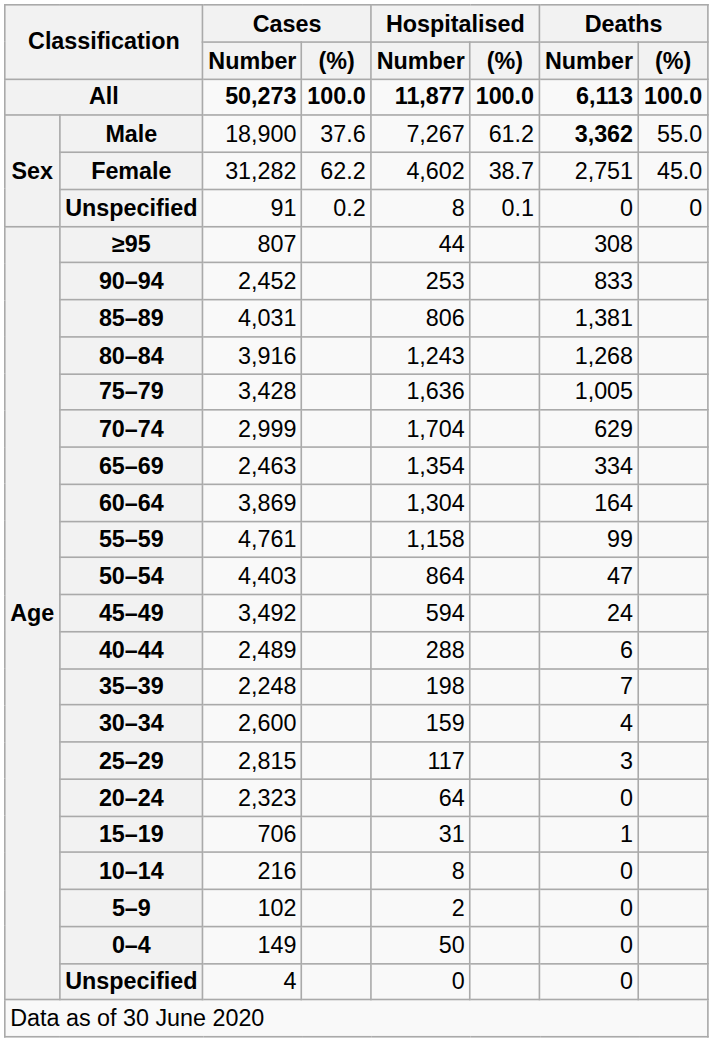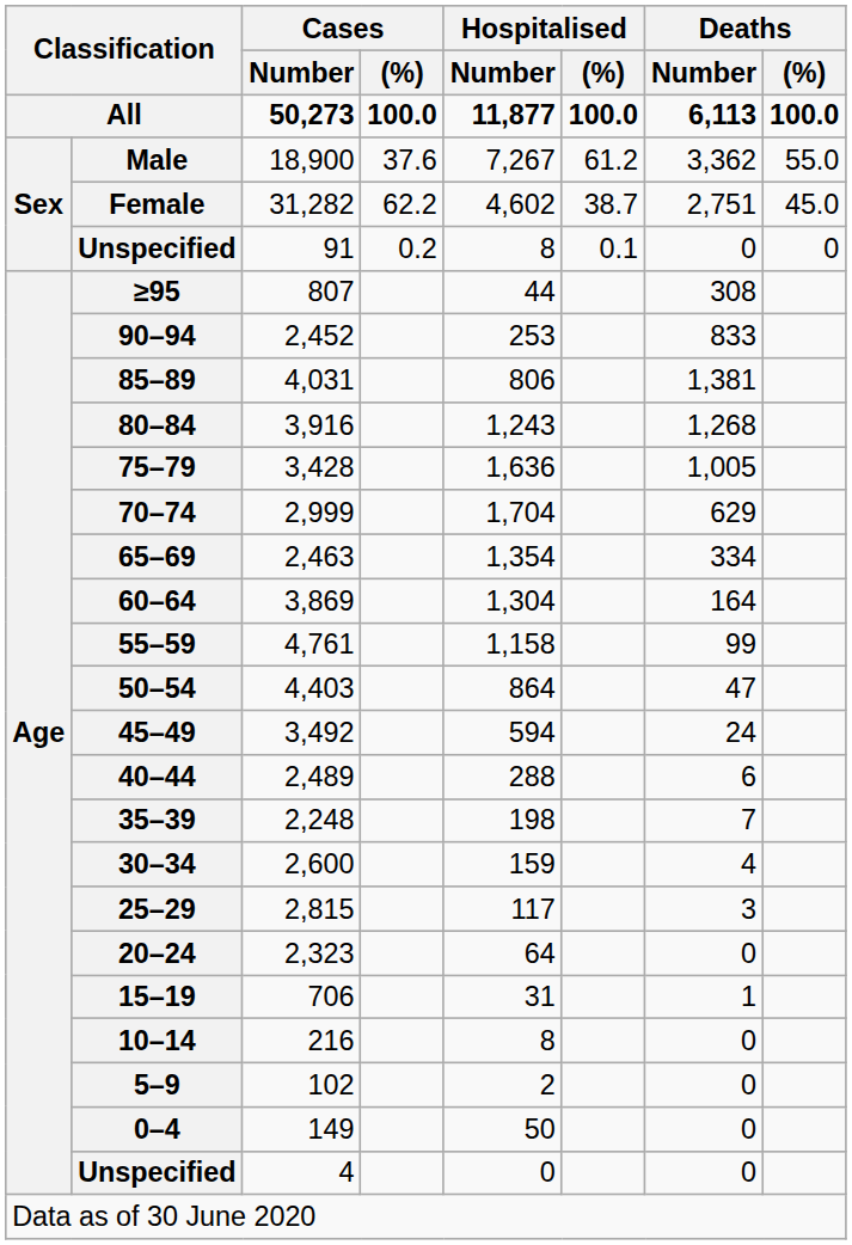 <table class="wikitable" style="text-align:right; font-size:90%">
 <tr>
 <th rowspan="2" colspan="2">Classification</th>
 <th colspan="2">Cases</th>
 <th colspan="2">Hospitalised</th>
 <th colspan="2">Deaths</th>
 </tr>
 <tr>
 <th>Number</th>
 <th>(%)</th>
 <th>Number</th>
 <th>(%)</th>
 <th>Number</th>
 <th>(%)</th>
 </tr>
 <tr>
 <th colspan="2">All</th>
 <td><strong>50,273</strong></td>
 <td><strong>100.0</strong></td>
 <td><strong>11,877</strong></td>
 <td><strong>100.0</strong></td>
 <td><strong>6,113</strong></td>
 <td><strong>100.0</strong></td>
 </tr>
 <tr>
 <th rowspan="3">Sex</th>
 <th>Male</th>
 <td>18,900</td>
 <td>37.6</td>
 <td>7,267</td>
 <td>61.2</td>
-<td><strong>3,362</strong></td>
+<td>3,362</td>
 <td>55.0</td>
 </tr>
 <tr>
 <th>Female</th>
 <td>31,282</td>
 <td>62.2</td>
 <td>4,602</td>
 <td>38.7</td>
 <td>2,751</td>
 <td>45.0</td>
 </tr>
 <tr>
 <th>Unspecified</th>
 <td>91</td>
 <td>0.2</td>
 <td>8</td>
 <td>0.1</td>
 <td>0</td>
 <td>0</td>
 </tr>
 <tr>
 <th rowspan="21">Age</th>
 <th>≥95</th>
 <td>807</td>
 <td></td>
 <td>44</td>
 <td></td>
 <td>308</td>
 <td></td>
 </tr>
 <tr>
 <th>90–94</th>
 <td>2,452</td>
 <td></td>
 <td>253</td>
 <td></td>
 <td>833</td>
 <td></td>
 </tr>
 <tr>
 <th>85–89</th>
 <td>4,031</td>
 <td></td>
 <td>806</td>
 <td></td>
 <td>1,381</td>
 <td></td>
 </tr>
 <tr>
 <th>80–84</th>
 <td>3,916</td>
 <td></td>
 <td>1,243</td>
 <td></td>
 <td>1,268</td>
 <td></td>
 </tr>
 <tr>
 <th>75–79</th>
 <td>3,428</td>
 <td></td>
 <td>1,636</td>
 <td></td>
 <td>1,005</td>
 <td></td>
 </tr>
 <tr>
 <th>70–74</th>
 <td>2,999</td>
 <td></td>
 <td>1,704</td>
 <td></td>
 <td>629</td>
 <td></td>
 </tr>
 <tr>
 <th>65–69</th>
 <td>2,463</td>
 <td></td>
 <td>1,354</td>
 <td></td>
 <td>334</td>
 <td></td>
 </tr>
 <tr>
 <th>60–64</th>
 <td>3,869</td>
 <td></td>
 <td>1,304</td>
 <td></td>
 <td>164</td>
 <td></td>
 </tr>
 <tr>
 <th>55–59</th>
 <td>4,761</td>
 <td></td>
 <td>1,158</td>
 <td></td>
 <td>99</td>
 <td></td>
 </tr>
 <tr>
 <th>50–54</th>
 <td>4,403</td>
 <td></td>
 <td>864</td>
 <td></td>
 <td>47</td>
 <td></td>
 </tr>
 <tr>
 <th>45–49</th>
 <td>3,492</td>
 <td></td>
 <td>594</td>
 <td></td>
 <td>24</td>
 <td></td>
 </tr>
 <tr>
 <th>40–44</th>
 <td>2,489</td>
 <td></td>
 <td>288</td>
 <td></td>
 <td>6</td>
 <td></td>
 </tr>
 <tr>
 <th>35–39</th>
 <td>2,248</td>
 <td></td>
 <td>198</td>
 <td></td>
 <td>7</td>
 <td></td>
 </tr>
 <tr>
 <th>30–34</th>
 <td>2,600</td>
 <td></td>
 <td>159</td>
 <td></td>
 <td>4</td>
 <td></td>
 </tr>
 <tr>
 <th>25–29</th>
 <td>2,815</td>
 <td></td>
 <td>117</td>
 <td></td>
 <td>3</td>
 <td></td>
 </tr>
 <tr>
 <th>20–24</th>
 <td>2,323</td>
 <td></td>
 <td>64</td>
 <td></td>
 <td>0</td>
 <td></td>
 </tr>
 <tr>
 <th>15–19</th>
 <td>706</td>
 <td></td>
 <td>31</td>
 <td></td>
 <td>1</td>
 <td></td>
 </tr>
 <tr>
 <th>10–14</th>
 <td>216</td>
 <td></td>
 <td>8</td>
 <td></td>
 <td>0</td>
 <td></td>
 </tr>
 <tr>
 <th>5–9</th>
 <td>102</td>
 <td></td>
 <td>2</td>
 <td></td>
 <td>0</td>
 <td></td>
 </tr>
 <tr>
 <th>0–4</th>
 <td>149</td>
 <td></td>
 <td>50</td>
 <td></td>
 <td>0</td>
 <td></td>
 </tr>
 <tr>
 <th>Unspecified</th>
 <td>4</td>
 <td></td>
 <td>0</td>
 <td></td>
 <td>0</td>
 <td></td>
 </tr>
 <tr>
 <td style="text-align:left" colspan="8">Data as of 30 June 2020</td>
 </tr>
 </table>
